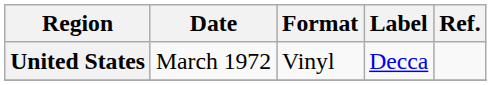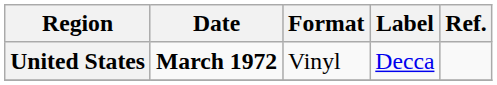 <table class="wikitable plainrowheaders">
 <tr>
 <th scope="col">Region</th>
 <th scope="col">Date</th>
 <th scope="col">Format</th>
 <th scope="col">Label</th>
 <th scope="col">Ref.</th>
 </tr>
 <tr>
 <th scope="row">United States</th>
-<td>March 1972</td>
+<td><strong>March 1972</strong></td>
 <td>Vinyl</td>
 <td><a href='#'>Decca</a></td>
 <td></td>
 </tr>
 <tr>
 </tr>
 </table>
